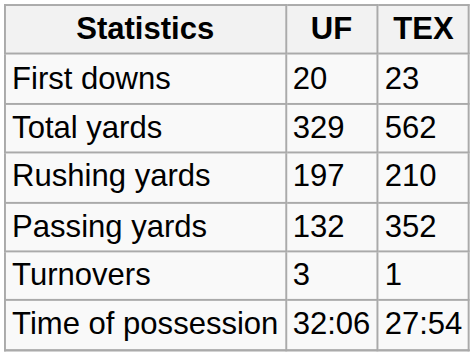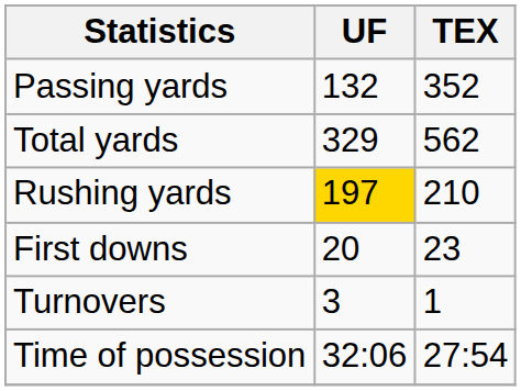 <table class="wikitable" style="float: left;">
 <tr>
 <th>Statistics</th>
 <th>UF</th>
 <th>TEX</th>
 </tr>
 <tr>
-<td>First downs</td>
-<td>20</td>
-<td>23</td>
+<td>Passing yards</td>
+<td>132</td>
+<td>352</td>
 </tr>
 <tr>
 <td>Total yards</td>
 <td>329</td>
 <td>562</td>
 </tr>
 <tr>
 <td>Rushing yards</td>
-<td>197</td>
+<td style="background: gold;">197</td>
 <td>210</td>
 </tr>
 <tr>
-<td>Passing yards</td>
-<td>132</td>
-<td>352</td>
+<td>First downs</td>
+<td>20</td>
+<td>23</td>
 </tr>
 <tr>
 <td>Turnovers</td>
 <td>3</td>
 <td>1</td>
 </tr>
 <tr>
 <td>Time of possession</td>
 <td>32:06</td>
 <td>27:54</td>
 </tr>
 <tr>
 </tr>
 </table>
